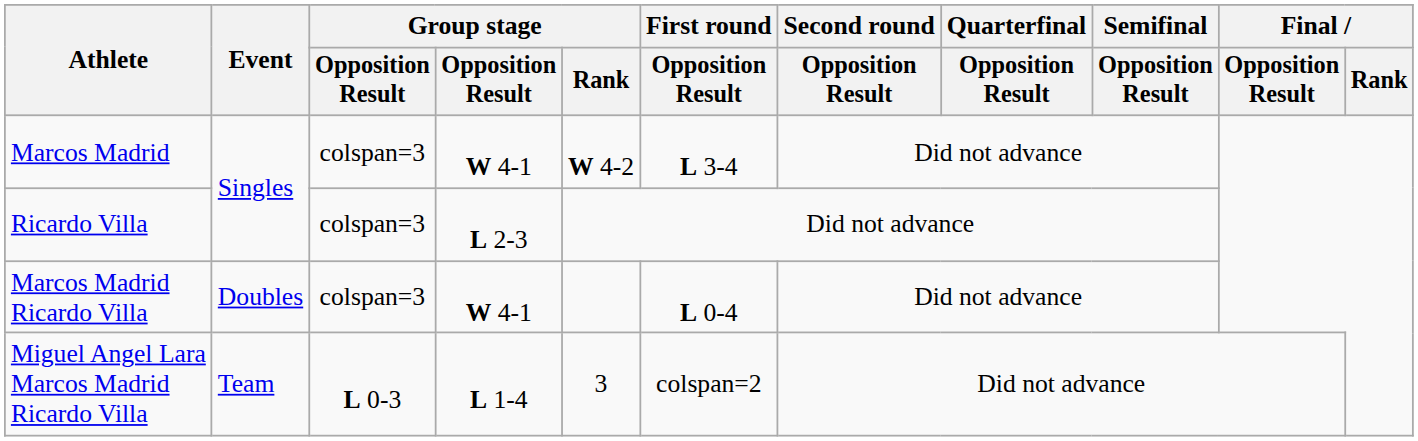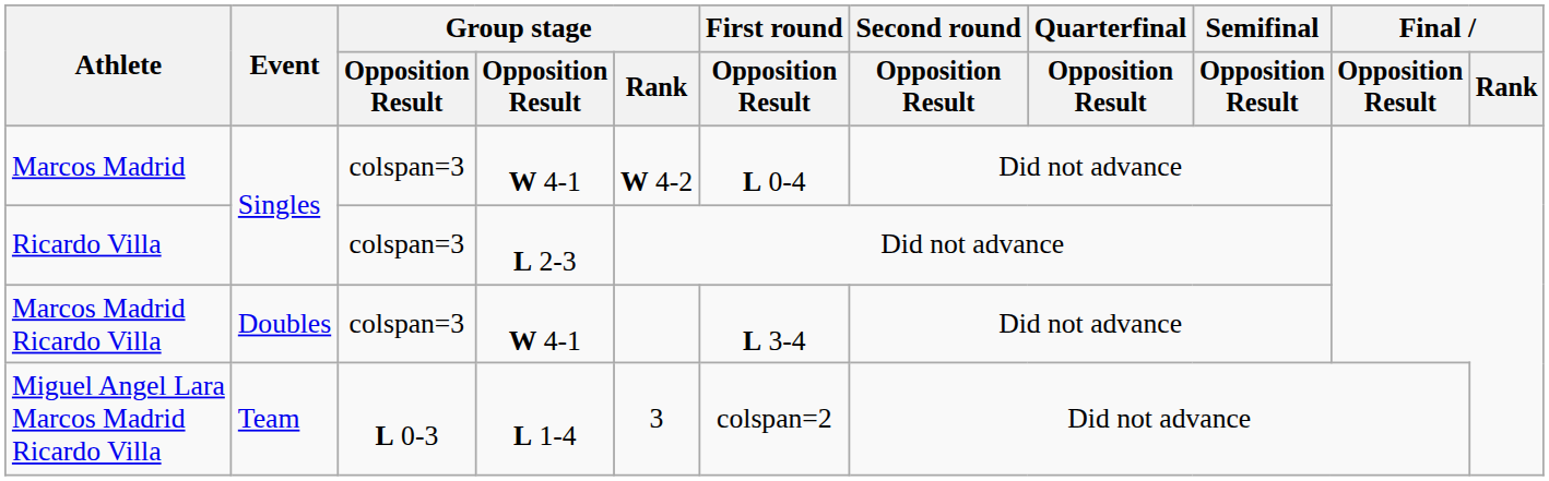 <table class=wikitable style=font-size:90%;text-align:center>
 <tr>
 <th rowspan=2>Athlete</th>
 <th rowspan=2>Event</th>
 <th colspan=3>Group stage</th>
 <th>First round</th>
 <th>Second round</th>
 <th>Quarterfinal</th>
 <th>Semifinal</th>
 <th colspan=2>Final / </th>
 </tr>
 <tr style=font-size:95%>
 <th>Opposition<br>Result</th>
 <th>Opposition<br>Result</th>
 <th>Rank</th>
 <th>Opposition<br>Result</th>
 <th>Opposition<br>Result</th>
 <th>Opposition<br>Result</th>
 <th>Opposition<br>Result</th>
 <th>Opposition<br>Result</th>
 <th>Rank</th>
 </tr>
 <tr>
 <td align=left><a href='#'>Marcos Madrid</a></td>
 <td rowspan="2" align="left"><a href='#'>Singles</a></td>
 <td>colspan=3 </td>
 <td><br><strong>W</strong> 4-1</td>
 <td><br><strong>W</strong> 4-2</td>
-<td><br><strong>L</strong> 3-4</td>
+<td><br><strong>L</strong> 0-4</td>
 <td colspan=3>Did not advance</td>
 </tr>
 <tr>
 <td align=left><a href='#'>Ricardo Villa</a></td>
 <td>colspan=3 </td>
 <td><br><strong>L</strong> 2-3</td>
 <td colspan=5>Did not advance</td>
 </tr>
 <tr>
 <td align=left><a href='#'>Marcos Madrid</a><br><a href='#'>Ricardo Villa</a></td>
 <td align=left><a href='#'>Doubles</a></td>
 <td>colspan=3 </td>
 <td><br><strong>W</strong> 4-1</td>
 <td></td>
-<td><br><strong>L</strong> 0-4</td>
+<td><br><strong>L</strong> 3-4</td>
 <td colspan=3>Did not advance</td>
 </tr>
 <tr>
 <td align=left><a href='#'>Miguel Angel Lara</a><br><a href='#'>Marcos Madrid</a><br><a href='#'>Ricardo Villa</a></td>
 <td align=left><a href='#'>Team</a></td>
 <td><br><strong>L</strong> 0-3</td>
 <td><br><strong>L</strong> 1-4</td>
 <td>3</td>
 <td>colspan=2 </td>
 <td colspan=4>Did not advance</td>
 </tr>
 </table>
